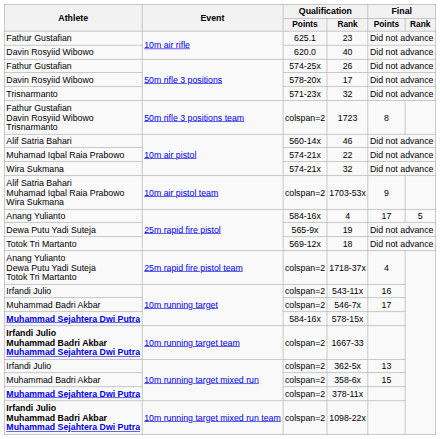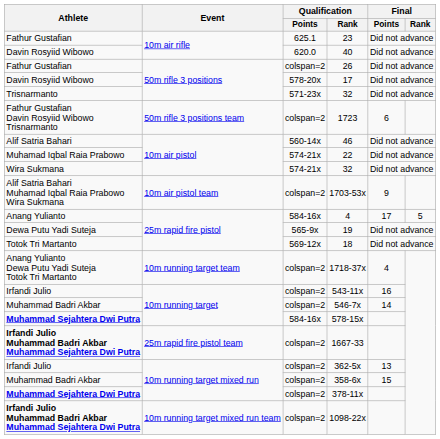 <table class=wikitable style=font-size:90%;text-align:center>
 <tr>
 <th rowspan="2">Athlete</th>
 <th rowspan="2">Event</th>
 <th colspan=2>Qualification</th>
 <th colspan=2>Final</th>
 </tr>
 <tr style="font-size:95%">
 <th>Points</th>
 <th>Rank</th>
 <th>Points</th>
 <th>Rank</th>
 </tr>
 <tr>
 <td align=left>Fathur Gustafian</td>
 <td align=left rowspan=2><a href='#'>10m air rifle</a></td>
 <td>625.1</td>
 <td>23</td>
 <td colspan=2>Did not advance</td>
 </tr>
 <tr>
 <td align=left>Davin Rosyiid Wibowo</td>
 <td>620.0</td>
 <td>40</td>
 <td colspan=2>Did not advance</td>
 </tr>
 <tr>
 <td align=left>Fathur Gustafian</td>
 <td align=left rowspan=3><a href='#'>50m rifle 3 positions</a></td>
-<td>574-25x</td>
+<td>colspan=2 </td>
 <td>26</td>
 <td colspan=2>Did not advance</td>
 </tr>
 <tr>
 <td align=left>Davin Rosyiid Wibowo</td>
 <td>578-20x</td>
 <td>17</td>
 <td colspan=2>Did not advance</td>
 </tr>
 <tr>
 <td align=left>Trisnarmanto</td>
 <td>571-23x</td>
 <td>32</td>
 <td colspan=2>Did not advance</td>
 </tr>
 <tr>
 <td align=left>Fathur Gustafian<br>Davin Rosyiid Wibowo<br>Trisnarmanto</td>
 <td align=left><a href='#'>50m rifle 3 positions team</a></td>
 <td>colspan=2 </td>
 <td>1723</td>
-<td>8</td>
+<td>6</td>
 </tr>
 <tr>
 <td align=left>Alif Satria Bahari</td>
 <td align=left rowspan=3><a href='#'>10m air pistol</a></td>
 <td>560-14x</td>
 <td>46</td>
 <td colspan=2>Did not advance</td>
 </tr>
 <tr>
 <td align=left>Muhamad Iqbal Raia Prabowo</td>
 <td>574-21x</td>
 <td>22</td>
 <td colspan=2>Did not advance</td>
 </tr>
 <tr>
 <td align=left>Wira Sukmana</td>
 <td>574-21x</td>
 <td>32</td>
 <td colspan=2>Did not advance</td>
 </tr>
 <tr>
 <td align=left>Alif Satria Bahari<br>Muhamad Iqbal Raia Prabowo<br>Wira Sukmana</td>
 <td align=left><a href='#'>10m air pistol team</a></td>
 <td>colspan=2 </td>
 <td>1703-53x</td>
 <td>9</td>
 </tr>
 <tr>
 <td align=left>Anang Yulianto</td>
 <td align=left rowspan=3><a href='#'>25m rapid fire pistol</a></td>
 <td>584-16x</td>
 <td>4</td>
 <td>17</td>
 <td>5</td>
 </tr>
 <tr>
 <td align=left>Dewa Putu Yadi Suteja</td>
 <td>565-9x</td>
 <td>19</td>
 <td colspan=2>Did not advance</td>
 </tr>
 <tr>
 <td align=left>Totok Tri Martanto</td>
 <td>569-12x</td>
 <td>18</td>
 <td colspan=2>Did not advance</td>
 </tr>
 <tr>
 <td align=left>Anang Yulianto<br>Dewa Putu Yadi Suteja<br>Totok Tri Martanto</td>
-<td align=left><a href='#'>25m rapid fire pistol team</a></td>
+<td align=left><a href='#'>10m running target team</a></td>
 <td>colspan=2 </td>
 <td>1718-37x</td>
 <td>4</td>
 </tr>
 <tr>
 <td align=left>Irfandi Julio</td>
 <td align=left rowspan=3><a href='#'>10m running target</a></td>
 <td>colspan=2 </td>
 <td>543-11x</td>
 <td>16</td>
 </tr>
 <tr>
 <td align=left>Muhammad Badri Akbar</td>
 <td>colspan=2 </td>
 <td>546-7x</td>
-<td>17</td>
+<td>14</td>
 </tr>
 <tr>
 <td align=left><strong><a href='#'>Muhammad Sejahtera Dwi Putra</a></strong></td>
 <td>584-16x</td>
 <td>578-15x</td>
 <td></td>
 </tr>
 <tr>
 <td align=left><strong>Irfandi Julio<br>Muhammad Badri Akbar<br><a href='#'>Muhammad Sejahtera Dwi Putra</a></strong></td>
-<td align=left><a href='#'>10m running target team</a></td>
+<td align=left><a href='#'>25m rapid fire pistol team</a></td>
 <td>colspan=2 </td>
 <td>1667-33</td>
 <td></td>
 </tr>
 <tr>
 <td align=left>Irfandi Julio</td>
 <td align=left rowspan=3><a href='#'>10m running target mixed run</a></td>
 <td>colspan=2 </td>
 <td>362-5x</td>
 <td>13</td>
 </tr>
 <tr>
 <td align=left>Muhammad Badri Akbar</td>
 <td>colspan=2 </td>
 <td>358-6x</td>
 <td>15</td>
 </tr>
 <tr>
 <td align=left><strong><a href='#'>Muhammad Sejahtera Dwi Putra</a></strong></td>
 <td>colspan=2 </td>
 <td>378-11x</td>
 <td></td>
 </tr>
 <tr>
 <td align=left><strong>Irfandi Julio<br>Muhammad Badri Akbar<br><a href='#'>Muhammad Sejahtera Dwi Putra</a></strong></td>
 <td align=left><a href='#'>10m running target mixed run team</a></td>
 <td>colspan=2 </td>
 <td>1098-22x</td>
 <td></td>
 </tr>
 </table>
